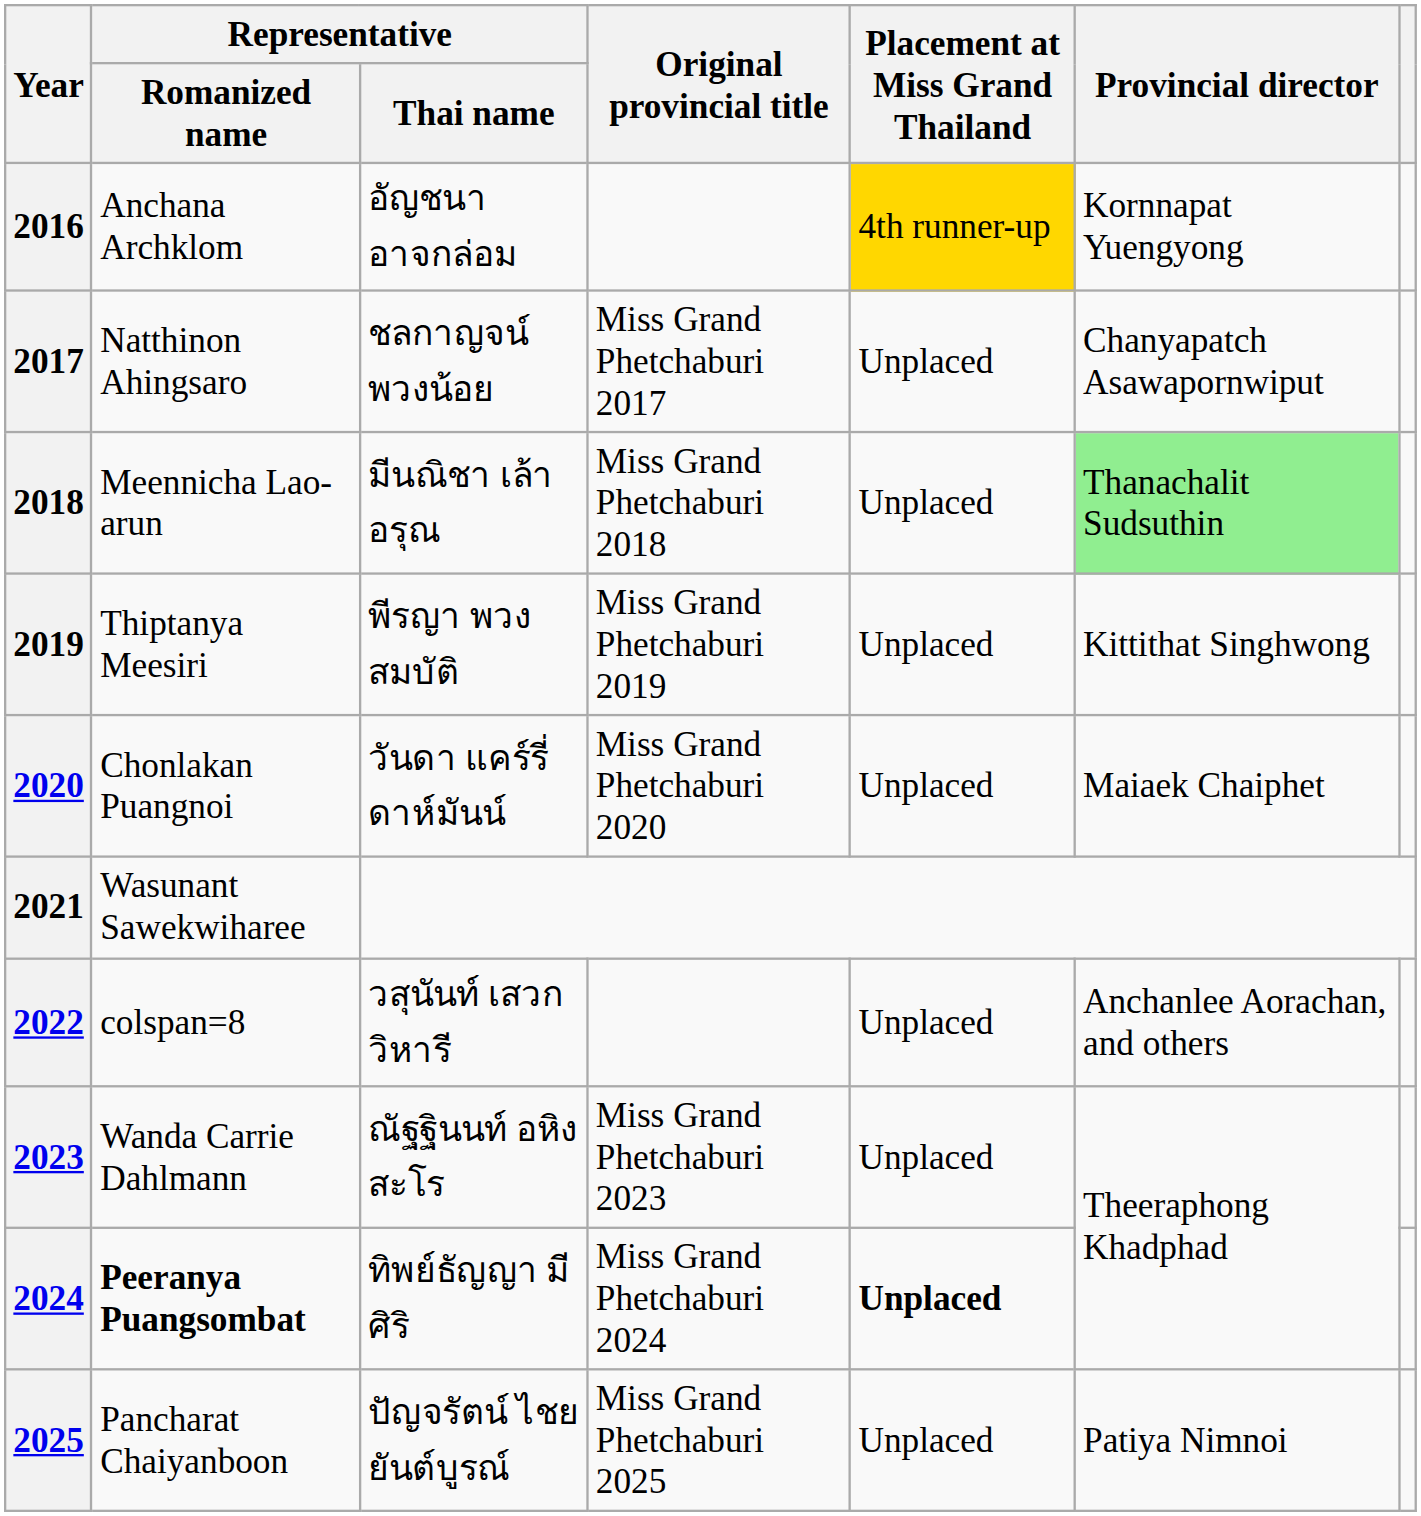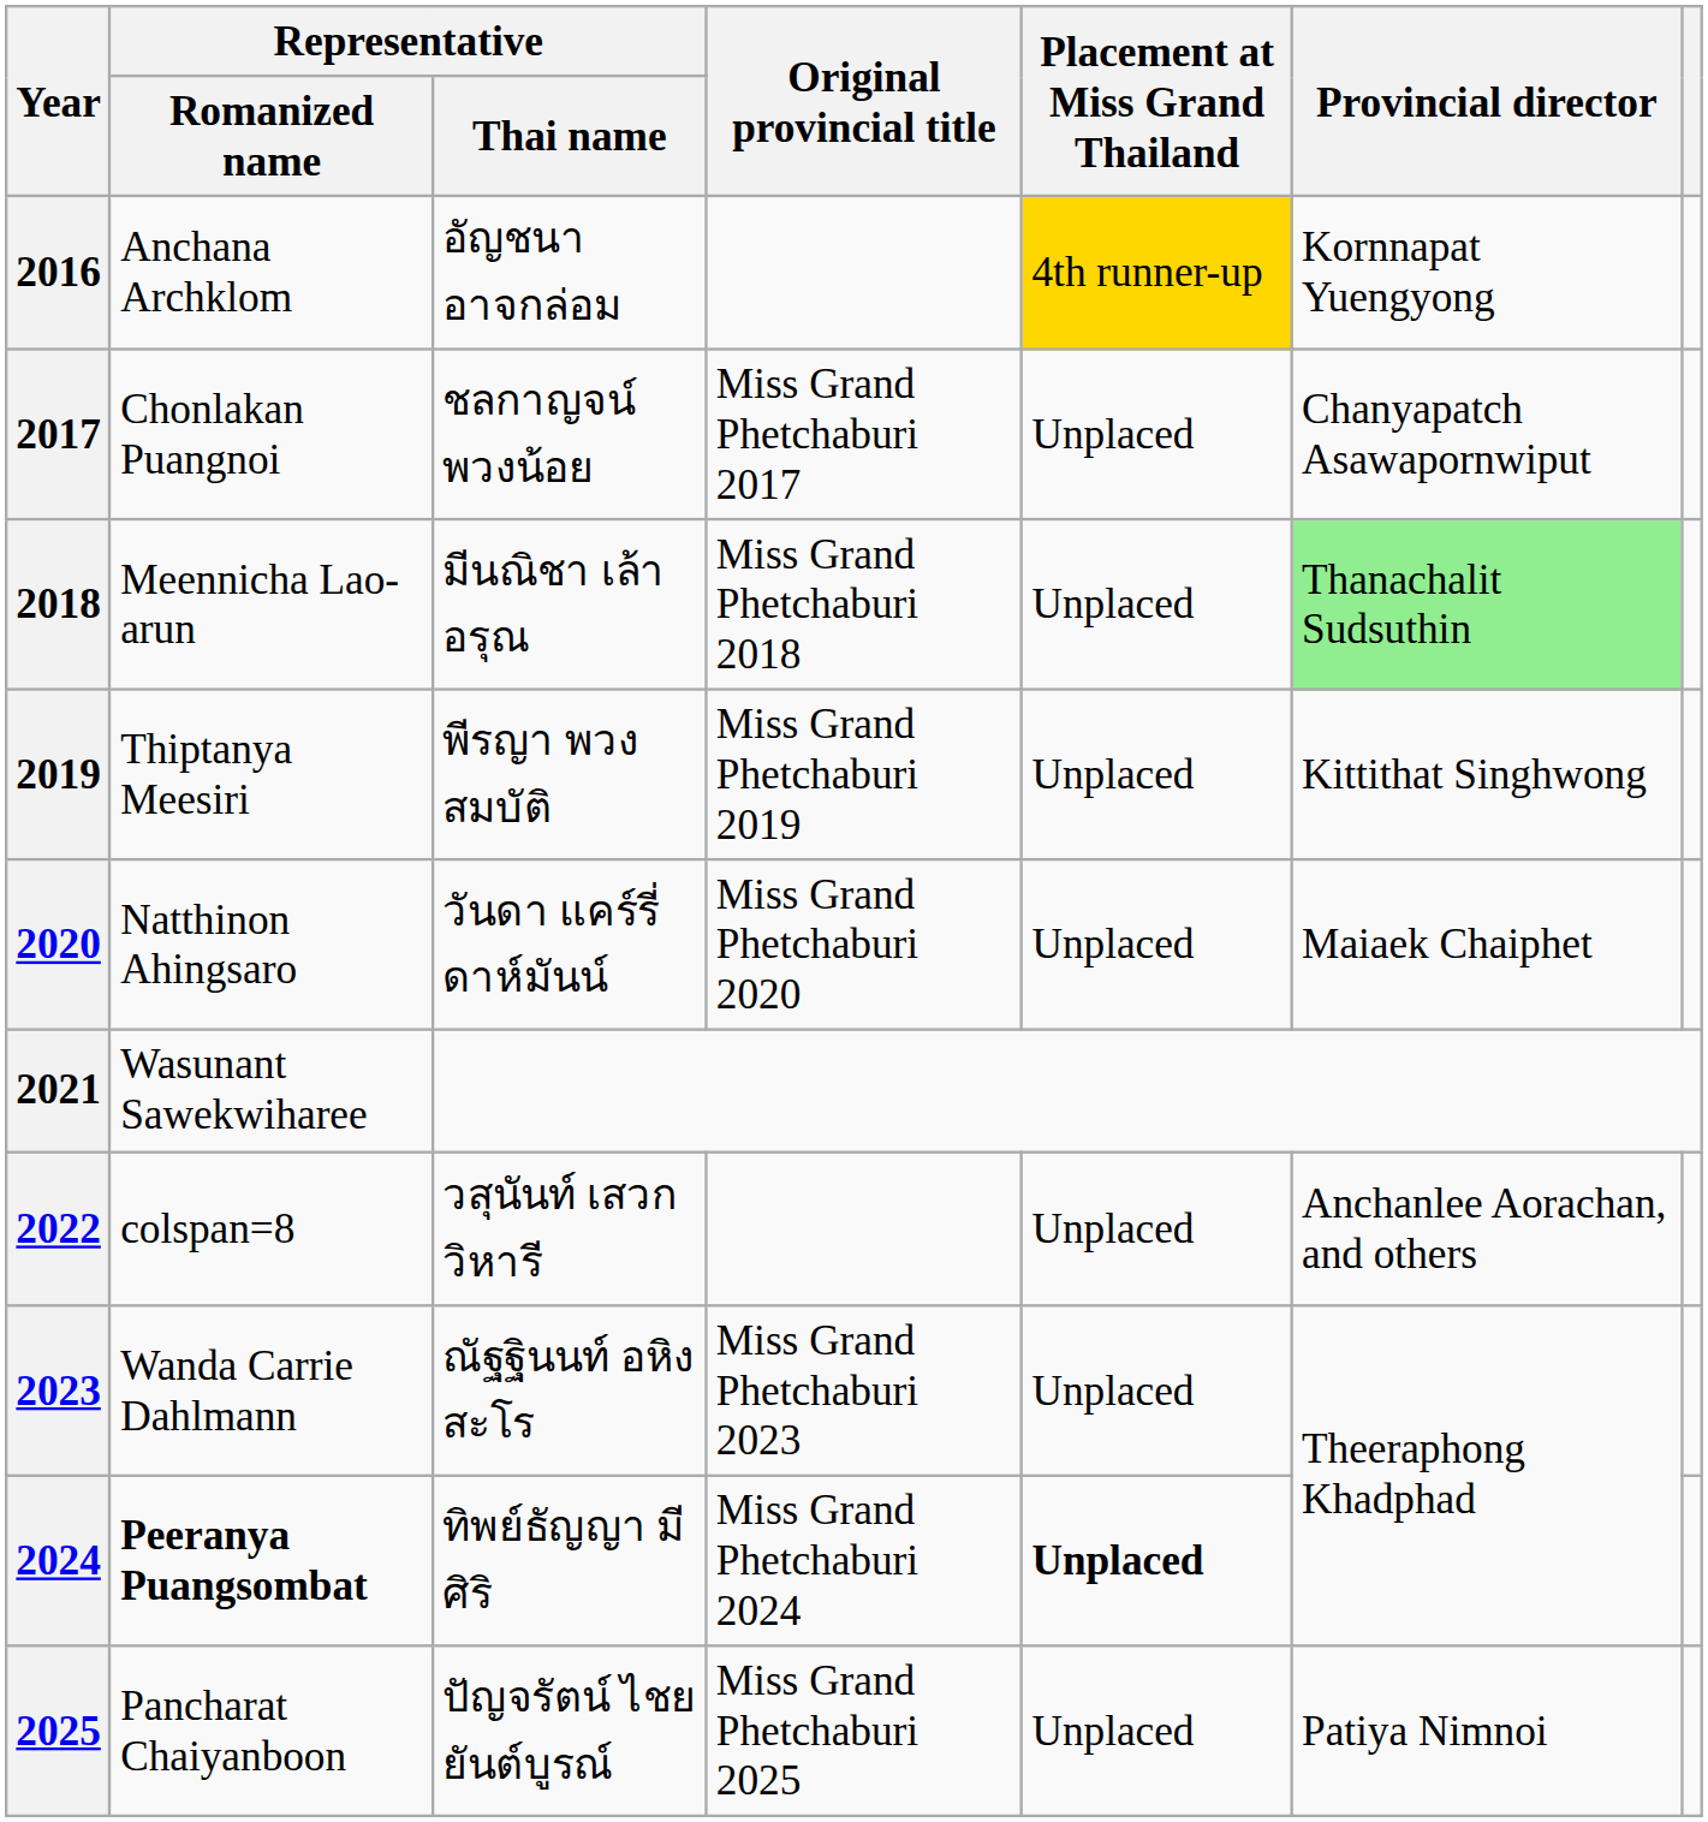 <table class="wikitable defaultcenter col2left col3left col6left" style="font-size:95%;">
 <tr>
 <th rowspan=2>Year</th>
 <th colspan=2>Representative</th>
 <th rowspan=2>Original provincial title</th>
 <th rowspan=2>Placement at<br>Miss Grand Thailand</th>
 <th rowspan=2>Provincial director</th>
 <th rowspan=2></th>
 </tr>
 <tr>
 <th>Romanized name</th>
 <th>Thai name</th>
 </tr>
 <tr>
 <th>2016</th>
 <td>Anchana Archklom</td>
 <td>อัญชนา อาจกล่อม</td>
 <td></td>
 <td bgcolor=gold>4th runner-up</td>
 <td>Kornnapat Yuengyong</td>
 <td></td>
 </tr>
 <tr>
 <th>2017</th>
-<td>Natthinon Ahingsaro</td>
+<td>Chonlakan Puangnoi</td>
 <td>ชลกาญจน์ พวงน้อย</td>
 <td>Miss Grand Phetchaburi 2017</td>
 <td>Unplaced</td>
 <td>Chanyapatch Asawapornwiput</td>
 <td></td>
 </tr>
 <tr>
 <th>2018</th>
 <td>Meennicha Lao-arun</td>
 <td>มีนณิชา เล้าอรุณ</td>
 <td>Miss Grand Phetchaburi 2018</td>
 <td>Unplaced</td>
 <td style="background: lightgreen;">Thanachalit Sudsuthin</td>
 <td></td>
 </tr>
 <tr>
 <th>2019</th>
 <td>Thiptanya Meesiri</td>
 <td>พีรญา พวงสมบัติ</td>
 <td>Miss Grand Phetchaburi 2019</td>
 <td>Unplaced</td>
 <td>Kittithat Singhwong</td>
 <td></td>
 </tr>
 <tr>
 <th><a href='#'>2020</a></th>
-<td>Chonlakan Puangnoi</td>
+<td>Natthinon Ahingsaro</td>
 <td>วันดา แคร์รี่ ดาห์มันน์</td>
 <td>Miss Grand Phetchaburi 2020</td>
 <td>Unplaced</td>
 <td>Maiaek Chaiphet</td>
 <td></td>
 </tr>
 <tr>
 <th>2021</th>
 <td>Wasunant Sawekwiharee</td>
 </tr>
 <tr>
 <th><a href='#'>2022</a></th>
 <td>colspan=8 </td>
 <td>วสุนันท์ เสวกวิหารี</td>
 <td></td>
 <td>Unplaced</td>
 <td>Anchanlee Aorachan, and others</td>
 <td></td>
 </tr>
 <tr>
 <th><a href='#'>2023</a></th>
 <td>Wanda Carrie Dahlmann</td>
 <td>ณัฐฐินนท์ อหิงสะโร</td>
 <td>Miss Grand Phetchaburi 2023</td>
 <td>Unplaced</td>
 <td rowspan=2>Theeraphong Khadphad</td>
 <td></td>
 </tr>
 <tr>
 <th><a href='#'>2024</a></th>
 <td><strong>Peeranya Puangsombat</strong></td>
 <td>ทิพย์ธัญญา มีศิริ</td>
 <td>Miss Grand Phetchaburi 2024</td>
 <td><strong>Unplaced</strong></td>
 <td></td>
 </tr>
 <tr>
 <th><a href='#'>2025</a></th>
 <td>Pancharat Chaiyanboon</td>
 <td>ปัญจรัตน์ ไชยยันต์บูรณ์</td>
 <td>Miss Grand Phetchaburi 2025</td>
 <td>Unplaced</td>
 <td>Patiya Nimnoi</td>
 <td></td>
 </tr>
 </table>
